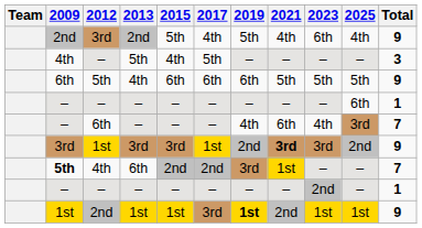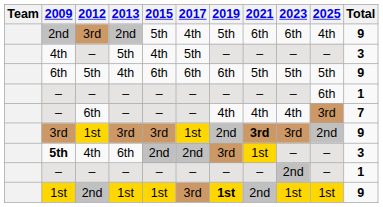 <table class="wikitable sortable" style="text-align:center">
 <tr>
 <th scope="col">Team</th>
 <th scope="col"><a href='#'>2009</a></th>
 <th scope="col"><a href='#'>2012</a></th>
 <th scope="col"><a href='#'>2013</a></th>
 <th scope="col"><a href='#'>2015</a></th>
 <th scope="col"><a href='#'>2017</a></th>
 <th scope="col"><a href='#'>2019</a></th>
 <th scope="col"><a href='#'>2021</a></th>
 <th scope="col"><a href='#'>2023</a></th>
 <th scope="col"><a href='#'>2025</a></th>
 <th scope="col">Total</th>
 </tr>
 <tr>
 <th scope="row" style="text-align:left"></th>
 <td bgcolor=silver>2nd</td>
 <td bgcolor=#CC9966>3rd</td>
 <td bgcolor=silver>2nd</td>
 <td>5th</td>
 <td>4th</td>
 <td>5th</td>
-<td>4th</td>
+<td>6th</td>
 <td>6th</td>
 <td>4th</td>
 <td><strong>9</strong></td>
 </tr>
 <tr>
 <th scope="row" style="text-align:left"></th>
 <td>4th</td>
 <td bgcolor="e5e4e2"> –</td>
 <td>5th</td>
 <td>4th</td>
 <td>5th</td>
 <td bgcolor="e5e4e2"> –</td>
 <td bgcolor="e5e4e2"> –</td>
 <td bgcolor="e5e4e2"> –</td>
 <td bgcolor="e5e4e2"> –</td>
 <td><strong>3</strong></td>
 </tr>
 <tr>
 <th scope="row" style="text-align:left"></th>
 <td>6th</td>
 <td>5th</td>
 <td>4th</td>
 <td>6th</td>
 <td>6th</td>
 <td>6th</td>
 <td>5th</td>
 <td>5th</td>
 <td>5th</td>
 <td><strong>9</strong></td>
 </tr>
 <tr>
 <th scope="row" style="text-align:left"></th>
 <td bgcolor="e5e4e2"> –</td>
 <td bgcolor="e5e4e2"> –</td>
 <td bgcolor="e5e4e2"> –</td>
 <td bgcolor="e5e4e2"> –</td>
 <td bgcolor="e5e4e2"> –</td>
 <td bgcolor="e5e4e2"> –</td>
 <td bgcolor="e5e4e2"> –</td>
 <td bgcolor="e5e4e2"> –</td>
 <td>6th</td>
 <td><strong>1</strong></td>
 </tr>
 <tr>
 <th scope="row" style="text-align:left"></th>
 <td bgcolor="e5e4e2"> –</td>
 <td>6th</td>
 <td bgcolor="e5e4e2"> –</td>
 <td bgcolor="e5e4e2"> –</td>
 <td bgcolor="e5e4e2"> –</td>
 <td>4th</td>
-<td>6th</td>
+<td>4th</td>
 <td>4th</td>
 <td bgcolor=#CC9966>3rd</td>
 <td><strong>7</strong></td>
 </tr>
 <tr>
 <th scope="row" style="text-align:left"></th>
 <td bgcolor=#CC9966>3rd</td>
 <td bgcolor=gold>1st</td>
 <td bgcolor=#CC9966>3rd</td>
 <td bgcolor=#CC9966>3rd</td>
 <td bgcolor=gold>1st</td>
 <td bgcolor=silver>2nd</td>
 <td bgcolor=#CC9966><strong>3rd</strong></td>
 <td bgcolor=#CC9966>3rd</td>
 <td bgcolor=silver>2nd</td>
 <td><strong>9</strong></td>
 </tr>
 <tr>
 <th scope="row" style="text-align:left"></th>
 <td><strong>5th</strong></td>
 <td>4th</td>
 <td>6th</td>
 <td bgcolor=silver>2nd</td>
 <td bgcolor=silver>2nd</td>
 <td bgcolor=#CC9966>3rd</td>
 <td bgcolor=gold>1st</td>
 <td bgcolor="e5e4e2"> –</td>
 <td bgcolor="e5e4e2"> –</td>
-<td><strong>7</strong></td>
+<td><strong>3</strong></td>
 </tr>
 <tr>
 <th scope="row" style="text-align:left"></th>
 <td bgcolor="e5e4e2"> –</td>
 <td bgcolor="e5e4e2"> –</td>
 <td bgcolor="e5e4e2"> –</td>
 <td bgcolor="e5e4e2"> –</td>
 <td bgcolor="e5e4e2"> –</td>
 <td bgcolor="e5e4e2"> –</td>
 <td bgcolor="e5e4e2"> –</td>
 <td bgcolor=silver>2nd</td>
 <td bgcolor="e5e4e2"> –</td>
 <td><strong>1</strong></td>
 </tr>
 <tr>
 <th scope="row" style="text-align:left"></th>
 <td bgcolor=gold>1st</td>
 <td bgcolor=silver>2nd</td>
 <td bgcolor=gold>1st</td>
 <td bgcolor=gold>1st</td>
 <td bgcolor=#CC9966>3rd</td>
 <td bgcolor=gold><strong>1st</strong></td>
 <td bgcolor=silver>2nd</td>
 <td bgcolor=gold>1st</td>
 <td bgcolor=gold>1st</td>
 <td><strong>9</strong></td>
 </tr>
 </table>
